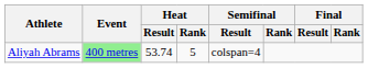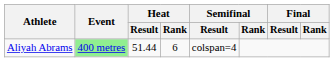 <table class="wikitable" style="font-size:90%">
 <tr>
 <th rowspan="2">Athlete</th>
 <th rowspan="2">Event</th>
 <th colspan="2">Heat</th>
 <th colspan="2">Semifinal</th>
 <th colspan="2">Final</th>
 </tr>
 <tr style="font-size:95%">
 <th>Result</th>
 <th>Rank</th>
 <th>Result</th>
 <th>Rank</th>
 <th>Result</th>
 <th>Rank</th>
 </tr>
 <tr align=center>
 <td align=left><a href='#'>Aliyah Abrams</a></td>
 <td align=left style="background: lightgreen;"><a href='#'>400 metres</a></td>
-<td>53.74</td>
-<td>5</td>
+<td>51.44</td>
+<td>6</td>
 <td>colspan=4 </td>
 </tr>
 </table>
